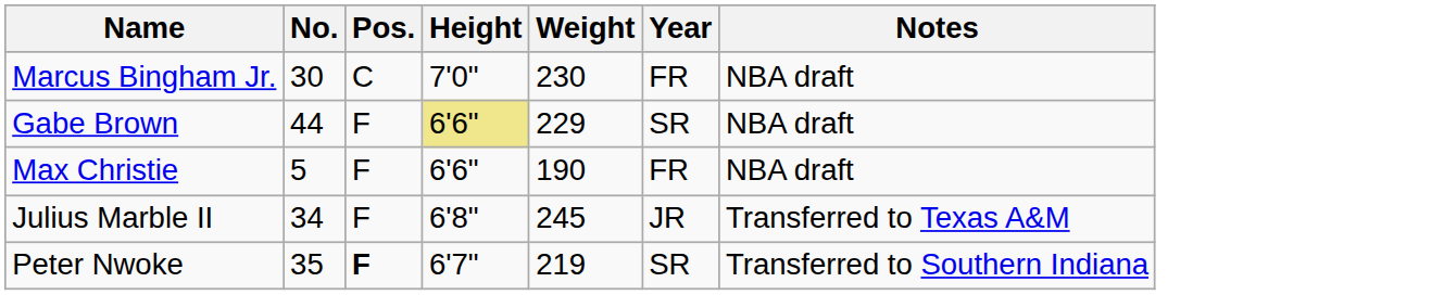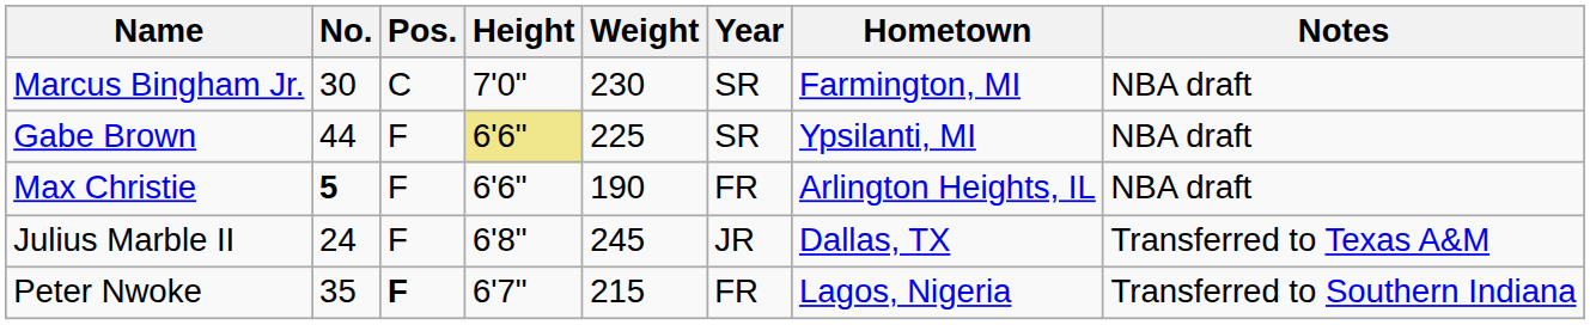 <table class="wikitable sortable" border="1">
 <tr align="center">
 <th>Name</th>
 <th>No.</th>
 <th>Pos.</th>
 <th>Height</th>
 <th>Weight</th>
 <th>Year</th>
+<th>Hometown</th>
 <th>Notes</th>
 </tr>
 <tr>
 <td><a href='#'>Marcus Bingham Jr.</a></td>
 <td>30</td>
 <td>C</td>
 <td>7'0"</td>
 <td>230</td>
-<td>FR</td>
+<td>SR</td>
+<td><a href='#'>Farmington, MI</a></td>
 <td>NBA draft</td>
 </tr>
 <tr>
 <td><a href='#'>Gabe Brown</a></td>
 <td>44</td>
 <td>F</td>
 <td style="background: khaki;">6'6"</td>
-<td>229</td>
+<td>225</td>
 <td>SR</td>
+<td><a href='#'>Ypsilanti, MI</a></td>
 <td>NBA draft</td>
 </tr>
 <tr>
 <td><a href='#'>Max Christie</a></td>
-<td>5</td>
+<td><strong>5</strong></td>
 <td>F</td>
 <td>6'6"</td>
 <td>190</td>
 <td>FR</td>
+<td><a href='#'>Arlington Heights, IL</a></td>
 <td>NBA draft</td>
 </tr>
 <tr>
 <td>Julius Marble II</td>
-<td>34</td>
+<td>24</td>
 <td>F</td>
 <td>6'8"</td>
 <td>245</td>
 <td>JR</td>
+<td><a href='#'>Dallas, TX</a></td>
 <td>Transferred to <a href='#'>Texas A&M</a></td>
 </tr>
 <tr>
 <td>Peter Nwoke</td>
 <td>35</td>
 <td><strong>F</strong></td>
 <td>6'7"</td>
-<td>219</td>
-<td>SR</td>
+<td>215</td>
+<td>FR</td>
+<td><a href='#'>Lagos, Nigeria</a></td>
 <td>Transferred to <a href='#'>Southern Indiana</a></td>
 </tr>
 </table>
